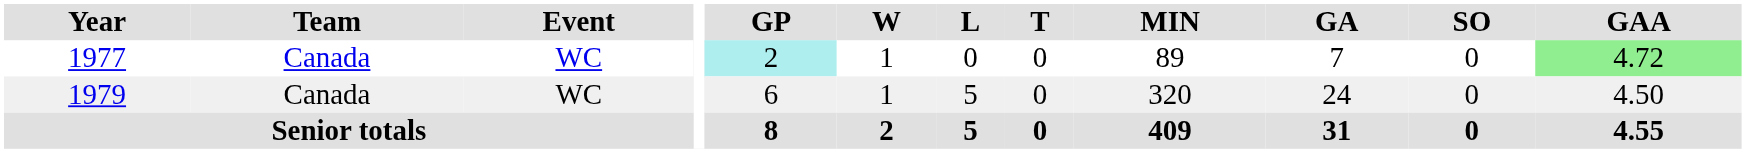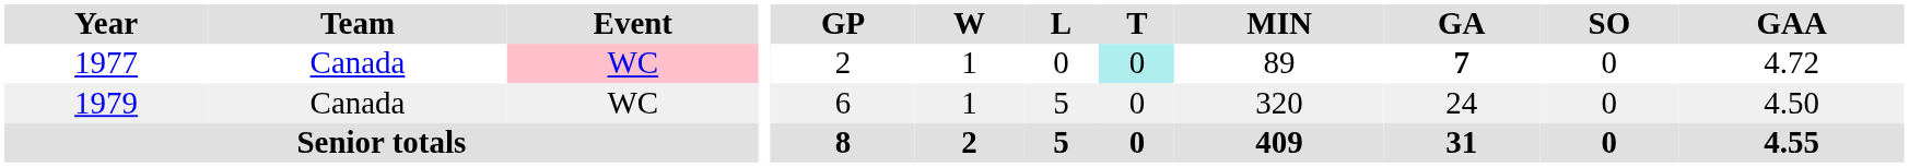 <table border="0" cellpadding="1" cellspacing="0" ID="Table3" style="text-align:center; width:60em;">
 <tr bgcolor="#e0e0e0">
 <th>Year</th>
 <th>Team</th>
 <th>Event</th>
 <th rowspan="99" bgcolor="#ffffff"></th>
 <th>GP</th>
 <th>W</th>
 <th>L</th>
 <th>T</th>
 <th>MIN</th>
 <th>GA</th>
 <th>SO</th>
 <th>GAA</th>
 </tr>
 <tr>
 <td><a href='#'>1977</a></td>
 <td><a href='#'>Canada</a></td>
-<td><a href='#'>WC</a></td>
-<td style="background: paleturquoise;">2</td>
+<td style="background: pink;"><a href='#'>WC</a></td>
+<td>2</td>
 <td>1</td>
 <td>0</td>
+<td style="background: paleturquoise;">0</td>
+<td>89</td>
+<td><strong>7</strong></td>
 <td>0</td>
-<td>89</td>
-<td>7</td>
-<td>0</td>
-<td style="background: lightgreen;">4.72</td>
+<td>4.72</td>
 </tr>
 <tr bgcolor="#f0f0f0">
 <td><a href='#'>1979</a></td>
 <td>Canada</td>
 <td>WC</td>
 <td>6</td>
 <td>1</td>
 <td>5</td>
 <td>0</td>
 <td>320</td>
 <td>24</td>
 <td>0</td>
 <td>4.50</td>
 </tr>
 <tr bgcolor="#e0e0e0">
 <th colspan="3">Senior totals</th>
 <th>8</th>
 <th>2</th>
 <th>5</th>
 <th>0</th>
 <th>409</th>
 <th>31</th>
 <th>0</th>
 <th>4.55</th>
 </tr>
 </table>
